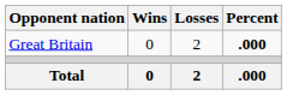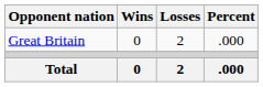 <table class=wikitable>
 <tr>
 <th>Opponent nation</th>
 <th>Wins</th>
 <th>Losses</th>
 <th>Percent</th>
 </tr>
 <tr align=center>
 <td align=left><a href='#'>Great Britain</a></td>
 <td>0</td>
 <td>2</td>
-<td><strong>.000</strong></td>
+<td>.000</td>
 </tr>
 <tr>
 <td colspan=4 bgcolor=lightgray></td>
 </tr>
 <tr>
 <th>Total</th>
 <th>0</th>
 <th>2</th>
 <th>.000</th>
 </tr>
 </table>
